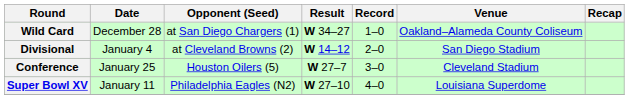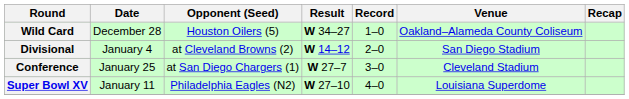 <table class="wikitable" style="text-align:center">
 <tr>
 <th>Round</th>
 <th>Date</th>
 <th>Opponent (Seed)</th>
 <th>Result</th>
 <th>Record</th>
 <th>Venue</th>
 <th>Recap</th>
 </tr>
 <tr style="background: #cfc;">
 <th>Wild Card</th>
 <td>December 28</td>
-<td>at <a href='#'>San Diego Chargers</a> (1)</td>
+<td><a href='#'>Houston Oilers</a> (5)</td>
 <td><strong>W</strong> 34–27</td>
 <td>1–0</td>
 <td><a href='#'>Oakland–Alameda County Coliseum</a></td>
 <td></td>
 </tr>
 <tr style="background: #cfc;">
 <th>Divisional</th>
 <td>January 4</td>
 <td>at <a href='#'>Cleveland Browns</a> (2)</td>
 <td><strong>W</strong> <a href='#'>14–12</a></td>
 <td>2–0</td>
 <td><a href='#'>San Diego Stadium</a></td>
 <td></td>
 </tr>
 <tr style="background: #cfc;">
 <th>Conference</th>
 <td>January 25</td>
-<td><a href='#'>Houston Oilers</a> (5)</td>
+<td>at <a href='#'>San Diego Chargers</a> (1)</td>
 <td><strong>W</strong> 27–7</td>
 <td>3–0</td>
 <td><a href='#'>Cleveland Stadium</a></td>
 <td></td>
 </tr>
 <tr style="background: #cfc;">
 <th><a href='#'>Super Bowl XV</a></th>
 <td>January 11</td>
 <td><a href='#'>Philadelphia Eagles</a> (N2)</td>
 <td><strong>W</strong> 27–10</td>
 <td>4–0</td>
 <td><a href='#'>Louisiana Superdome</a></td>
 <td></td>
 </tr>
 <tr>
 </tr>
 </table>
